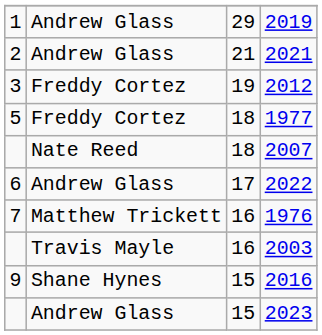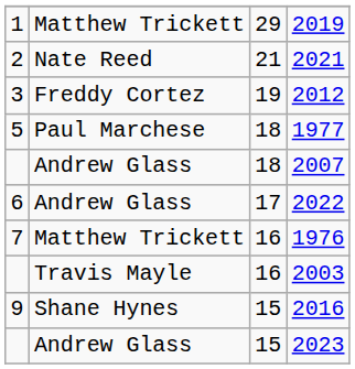 <table class="wikitable" style="display:inline-table;">
 <tr>
 </tr>
 <tr>
 <td>1</td>
-<td>Andrew Glass</td>
+<td>Matthew Trickett</td>
 <td>29</td>
 <td><a href='#'>2019</a></td>
 </tr>
 <tr>
 <td>2</td>
-<td>Andrew Glass</td>
+<td>Nate Reed</td>
 <td>21</td>
 <td><a href='#'>2021</a></td>
 </tr>
 <tr>
 <td>3</td>
 <td>Freddy Cortez</td>
 <td>19</td>
 <td><a href='#'>2012</a></td>
 </tr>
 <tr>
 <td>5</td>
-<td>Freddy Cortez</td>
+<td>Paul Marchese</td>
 <td>18</td>
 <td><a href='#'>1977</a></td>
 </tr>
 <tr>
 <td></td>
-<td>Nate Reed</td>
+<td>Andrew Glass</td>
 <td>18</td>
 <td><a href='#'>2007</a></td>
 </tr>
 <tr>
 <td>6</td>
 <td>Andrew Glass</td>
 <td>17</td>
 <td><a href='#'>2022</a></td>
 </tr>
 <tr>
 <td>7</td>
 <td>Matthew Trickett</td>
 <td>16</td>
 <td><a href='#'>1976</a></td>
 </tr>
 <tr>
 <td></td>
 <td>Travis Mayle</td>
 <td>16</td>
 <td><a href='#'>2003</a></td>
 </tr>
 <tr>
 <td>9</td>
 <td>Shane Hynes</td>
 <td>15</td>
 <td><a href='#'>2016</a></td>
 </tr>
 <tr>
 <td></td>
 <td>Andrew Glass</td>
 <td>15</td>
 <td><a href='#'>2023</a></td>
 </tr>
 </table>
